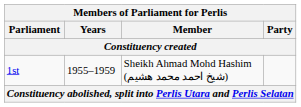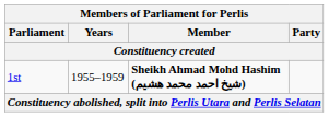 <table class="wikitable">
 <tr>
 <th colspan="4">Members of Parliament for Perlis</th>
 </tr>
 <tr>
 <th>Parliament</th>
 <th>Years</th>
 <th>Member</th>
 <th>Party</th>
 </tr>
 <tr>
 <th colspan="4"><em>Constituency created</em></th>
 </tr>
 <tr>
 <td><a href='#'>1st</a></td>
 <td>1955–1959</td>
-<td>Sheikh Ahmad Mohd Hashim  <br>  (شيخ احمد محمد هشيم)</td>
+<td><strong>Sheikh Ahmad Mohd Hashim  <br>  (شيخ احمد محمد هشيم)</strong></td>
 <td></td>
 </tr>
 <tr>
 <th colspan="4"><em>Constituency abolished, split into <a href='#'>Perlis Utara</a> and <a href='#'>Perlis Selatan</a></em></th>
 </tr>
 </table>
